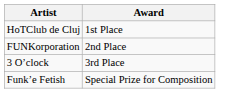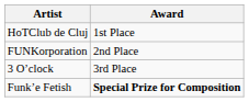 <table class="wikitable">
 <tr>
 <th>Artist</th>
 <th>Award</th>
 </tr>
 <tr>
 <td>HoTClub de Cluj</td>
 <td>1st Place</td>
 </tr>
 <tr>
 <td>FUNKorporation</td>
 <td>2nd Place</td>
 </tr>
 <tr>
 <td>3 O’clock</td>
 <td>3rd Place</td>
 </tr>
 <tr>
 <td>Funk’e Fetish</td>
-<td>Special Prize for Composition</td>
+<td><strong>Special Prize for Composition</strong></td>
 </tr>
 </table>
